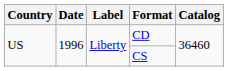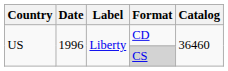 <table class="wikitable" style="font-size: 85%; border: gray solid 1px; border-collapse: collapse; text-align: middle;">
 <tr>
 <th>Country</th>
 <th>Date</th>
 <th>Label</th>
 <th>Format</th>
 <th>Catalog</th>
 </tr>
 <tr>
 <td rowspan=2>US</td>
 <td rowspan=2>1996</td>
 <td rowspan=2><a href='#'>Liberty</a></td>
 <td><a href='#'>CD</a></td>
 <td rowspan=2>36460</td>
 </tr>
 <tr>
-<td><a href='#'>CS</a></td>
+<td style="background: lightgrey;"><a href='#'>CS</a></td>
 </tr>
 </table>
